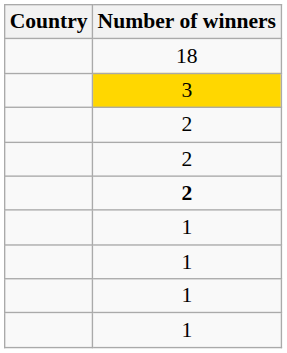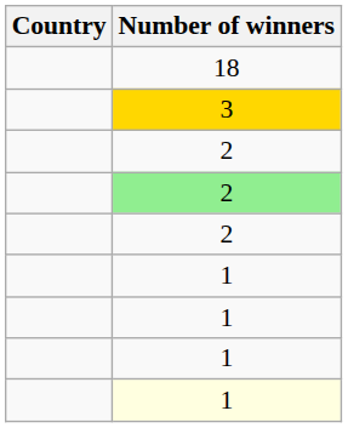 <table class="sortable wikitable">
 <tr>
 <th>Country</th>
 <th>Number of winners</th>
 </tr>
 <tr>
 <td></td>
 <td align=center>18</td>
 </tr>
 <tr>
 <td></td>
 <td align=center style="background: gold;">3</td>
 </tr>
 <tr>
 <td></td>
 <td align=center>2</td>
 </tr>
 <tr>
 <td></td>
-<td align=center>2</td>
+<td align=center style="background: lightgreen;">2</td>
 </tr>
 <tr>
 <td></td>
-<td align=center><strong>2</strong></td>
+<td align=center>2</td>
 </tr>
 <tr>
 <td></td>
 <td align=center>1</td>
 </tr>
 <tr>
 <td></td>
 <td align=center>1</td>
 </tr>
 <tr>
 <td></td>
 <td align=center>1</td>
 </tr>
 <tr>
 <td></td>
-<td align=center>1</td>
+<td align=center style="background: lightyellow;">1</td>
 </tr>
 </table>
